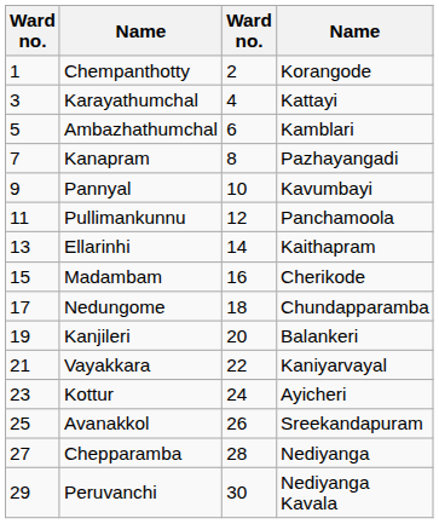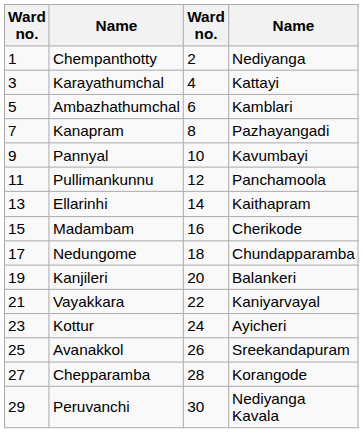 <table class="wikitable sortable" style="font-size: 95%;">
 <tr>
 <th width="20px">Ward no.</th>
 <th width="60px">Name</th>
 <th width="20px">Ward no.</th>
 <th width="60px">Name</th>
 </tr>
 <tr>
 <td>1</td>
 <td>Chempanthotty</td>
 <td>2</td>
-<td>Korangode</td>
+<td>Nediyanga</td>
 </tr>
 <tr>
 <td>3</td>
 <td>Karayathumchal</td>
 <td>4</td>
 <td>Kattayi</td>
 </tr>
 <tr>
 <td>5</td>
 <td>Ambazhathumchal</td>
 <td>6</td>
 <td>Kamblari</td>
 </tr>
 <tr>
 <td>7</td>
 <td>Kanapram</td>
 <td>8</td>
 <td>Pazhayangadi</td>
 </tr>
 <tr>
 <td>9</td>
 <td>Pannyal</td>
 <td>10</td>
 <td>Kavumbayi</td>
 </tr>
 <tr>
 <td>11</td>
 <td>Pullimankunnu</td>
 <td>12</td>
 <td>Panchamoola</td>
 </tr>
 <tr>
 <td>13</td>
 <td>Ellarinhi</td>
 <td>14</td>
 <td>Kaithapram</td>
 </tr>
 <tr>
 <td>15</td>
 <td>Madambam</td>
 <td>16</td>
 <td>Cherikode</td>
 </tr>
 <tr>
 <td>17</td>
 <td>Nedungome</td>
 <td>18</td>
 <td>Chundapparamba</td>
 </tr>
 <tr>
 <td>19</td>
 <td>Kanjileri</td>
 <td>20</td>
 <td>Balankeri</td>
 </tr>
 <tr>
 <td>21</td>
 <td>Vayakkara</td>
 <td>22</td>
 <td>Kaniyarvayal</td>
 </tr>
 <tr>
 <td>23</td>
 <td>Kottur</td>
 <td>24</td>
 <td>Ayicheri</td>
 </tr>
 <tr>
 <td>25</td>
 <td>Avanakkol</td>
 <td>26</td>
 <td>Sreekandapuram</td>
 </tr>
 <tr>
 <td>27</td>
 <td>Chepparamba</td>
 <td>28</td>
-<td>Nediyanga</td>
+<td>Korangode</td>
 </tr>
 <tr>
 <td>29</td>
 <td>Peruvanchi</td>
 <td>30</td>
 <td>Nediyanga Kavala</td>
 </tr>
 </table>
